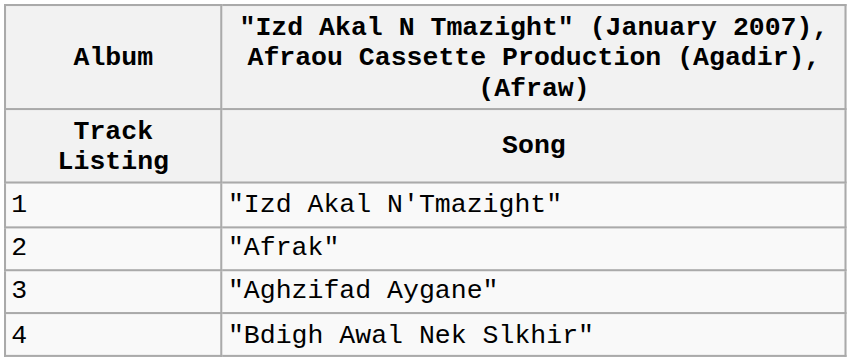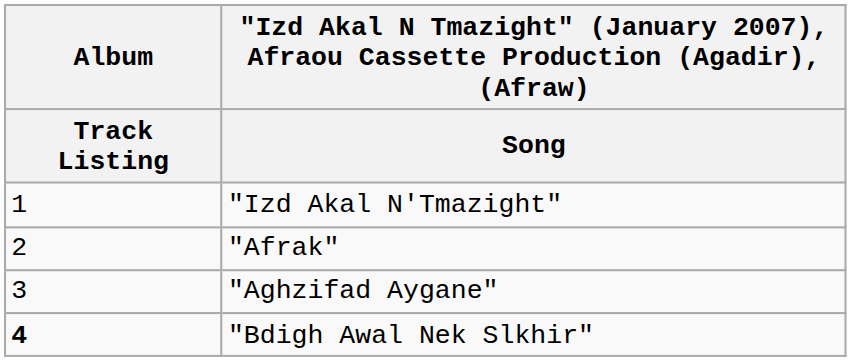 <table class="wikitable">
 <tr>
 <th>Album</th>
 <th>"Izd Akal N Tmazight" (January 2007), Afraou Cassette Production (Agadir), (Afraw)</th>
 </tr>
 <tr>
 <th width="100pt">Track Listing</th>
 <th width="300pt">Song</th>
 </tr>
 <tr>
 <td>1</td>
 <td>"Izd Akal N'Tmazight"</td>
 </tr>
 <tr>
 <td>2</td>
 <td>"Afrak"</td>
 </tr>
 <tr>
 <td>3</td>
 <td>"Aghzifad Aygane"</td>
 </tr>
 <tr>
-<td>4</td>
+<td><strong>4</strong></td>
 <td>"Bdigh Awal Nek Slkhir"</td>
 </tr>
 </table>
